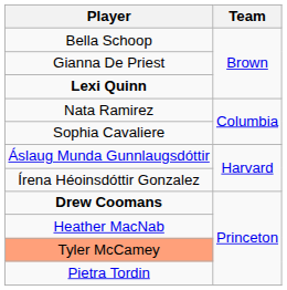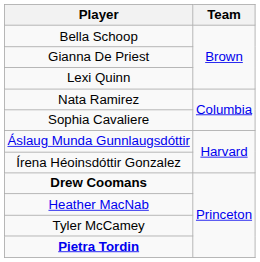 <table class="wikitable" style="text-align:center">
 <tr>
 <th>Player</th>
 <th>Team</th>
 </tr>
 <tr>
 <td>Bella Schoop</td>
 <td rowspan=3><a href='#'>Brown</a></td>
 </tr>
 <tr>
 <td>Gianna De Priest</td>
 </tr>
 <tr>
-<td><strong>Lexi Quinn</strong></td>
+<td>Lexi Quinn</td>
 </tr>
 <tr>
 <td>Nata Ramirez</td>
 <td rowspan=2><a href='#'>Columbia</a></td>
 </tr>
 <tr>
 <td>Sophia Cavaliere</td>
 </tr>
 <tr>
 <td><a href='#'>Áslaug Munda Gunnlaugsdóttir</a></td>
 <td rowspan=2><a href='#'>Harvard</a></td>
 </tr>
 <tr>
 <td>Írena Héoinsdóttir Gonzalez</td>
 </tr>
 <tr>
 <td><strong>Drew Coomans</strong></td>
 <td rowspan=4><a href='#'>Princeton</a></td>
 </tr>
 <tr>
 <td><a href='#'>Heather MacNab</a></td>
 </tr>
 <tr>
-<td style="background: lightsalmon;">Tyler McCamey</td>
+<td>Tyler McCamey</td>
 </tr>
 <tr>
-<td><a href='#'>Pietra Tordin</a></td>
+<td><strong><a href='#'>Pietra Tordin</a></strong></td>
 </tr>
 </table>
